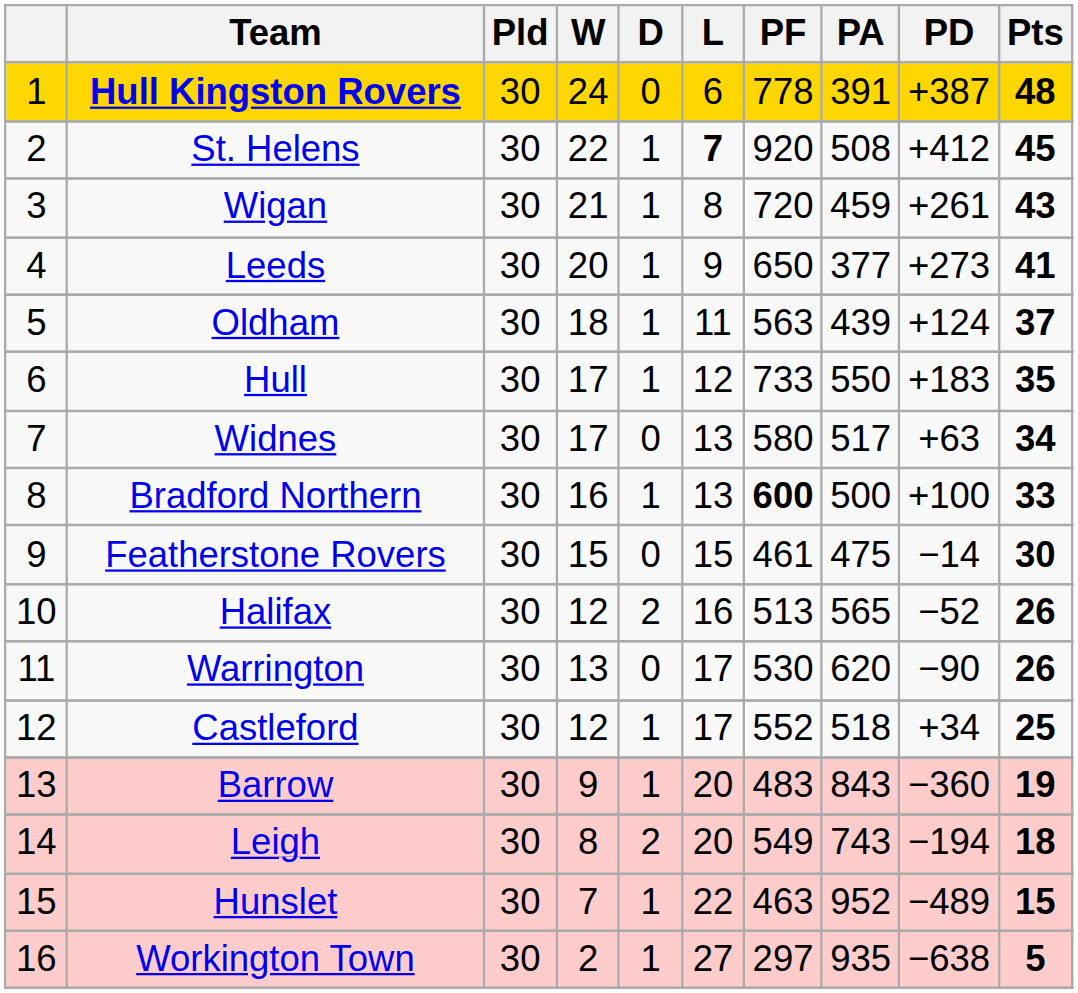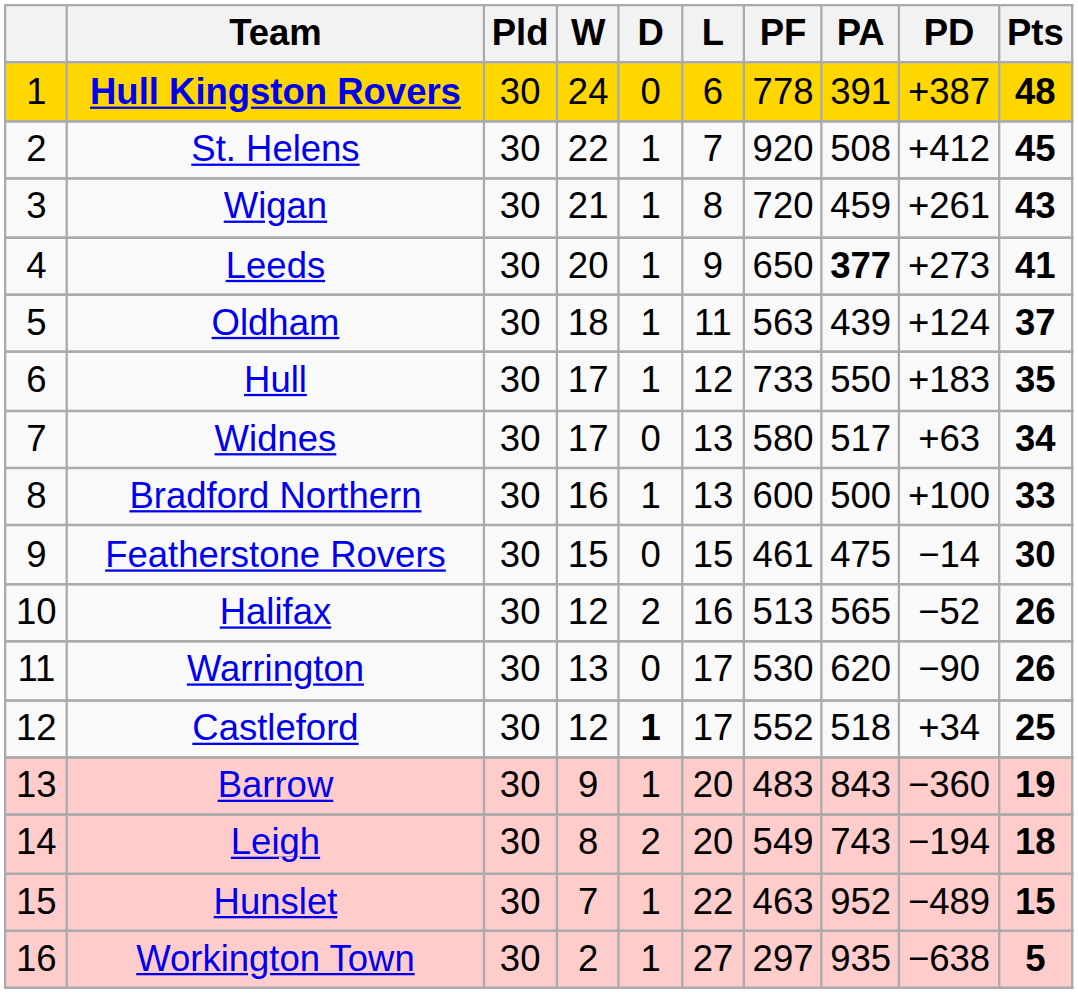 <table class="wikitable" style="text-align:center;">
 <tr>
 <th width=20 abbr="Position"></th>
 <th width=175>Team</th>
 <th width=20 abbr="Played">Pld</th>
 <th width=20 abbr="Won">W</th>
 <th width=20 abbr="Drawn">D</th>
 <th width=20 abbr="Lost">L</th>
 <th width=20 abbr="Points for">PF</th>
 <th width=20 abbr="Points against">PA</th>
 <th width=20 abbr="Points difference">PD</th>
 <th width=20 abbr="Points">Pts</th>
 </tr>
 <tr>
 </tr>
 <tr |- align=center style="background:#FFD700;">
 <td>1</td>
 <td style="text-align:center;"> <strong><a href='#'>Hull Kingston Rovers</a></strong></td>
 <td>30</td>
 <td>24</td>
 <td>0</td>
 <td>6</td>
 <td>778</td>
 <td>391</td>
 <td>+387</td>
 <td><strong>48</strong></td>
 </tr>
 <tr --->
 </tr>
 <tr align=center style="background:">
 <td>2</td>
 <td style="text-align:center;"> <a href='#'>St. Helens</a></td>
 <td>30</td>
 <td>22</td>
 <td>1</td>
-<td><strong>7</strong></td>
+<td>7</td>
 <td>920</td>
 <td>508</td>
 <td>+412</td>
 <td><strong>45</strong></td>
 </tr>
 <tr --->
 </tr>
 <tr align=center style="background:">
 <td>3</td>
 <td style="text-align:center;"> <a href='#'>Wigan</a></td>
 <td>30</td>
 <td>21</td>
 <td>1</td>
 <td>8</td>
 <td>720</td>
 <td>459</td>
 <td>+261</td>
 <td><strong>43</strong></td>
 </tr>
 <tr --->
 </tr>
 <tr align=center style="background:">
 <td>4</td>
 <td style="text-align:center;"> <a href='#'>Leeds</a></td>
 <td>30</td>
 <td>20</td>
 <td>1</td>
 <td>9</td>
 <td>650</td>
-<td>377</td>
+<td><strong>377</strong></td>
 <td>+273</td>
 <td><strong>41</strong></td>
 </tr>
 <tr --->
 </tr>
 <tr align=center style="background:">
 <td>5</td>
 <td style="text-align:center;"> <a href='#'>Oldham</a></td>
 <td>30</td>
 <td>18</td>
 <td>1</td>
 <td>11</td>
 <td>563</td>
 <td>439</td>
 <td>+124</td>
 <td><strong>37</strong></td>
 </tr>
 <tr --->
 </tr>
 <tr align=center style="background:">
 <td>6</td>
 <td style="text-align:center;"> <a href='#'>Hull</a></td>
 <td>30</td>
 <td>17</td>
 <td>1</td>
 <td>12</td>
 <td>733</td>
 <td>550</td>
 <td>+183</td>
 <td><strong>35</strong></td>
 </tr>
 <tr --->
 </tr>
 <tr align=center style="background:">
 <td>7</td>
 <td style="text-align:center;"> <a href='#'>Widnes</a></td>
 <td>30</td>
 <td>17</td>
 <td>0</td>
 <td>13</td>
 <td>580</td>
 <td>517</td>
 <td>+63</td>
 <td><strong>34</strong></td>
 </tr>
 <tr --->
 </tr>
 <tr align=center style="background:">
 <td>8</td>
 <td style="text-align:center;"> <a href='#'>Bradford Northern</a></td>
 <td>30</td>
 <td>16</td>
 <td>1</td>
 <td>13</td>
-<td><strong>600</strong></td>
+<td>600</td>
 <td>500</td>
 <td>+100</td>
 <td><strong>33</strong></td>
 </tr>
 <tr --->
 </tr>
 <tr align=center style="background:">
 <td>9</td>
 <td style="text-align:center;"> <a href='#'>Featherstone Rovers</a></td>
 <td>30</td>
 <td>15</td>
 <td>0</td>
 <td>15</td>
 <td>461</td>
 <td>475</td>
 <td>−14</td>
 <td><strong>30</strong></td>
 </tr>
 <tr --->
 </tr>
 <tr align=center style="background:">
 <td>10</td>
 <td style="text-align:center;"> <a href='#'>Halifax</a></td>
 <td>30</td>
 <td>12</td>
 <td>2</td>
 <td>16</td>
 <td>513</td>
 <td>565</td>
 <td>−52</td>
 <td><strong>26</strong></td>
 </tr>
 <tr --->
 </tr>
 <tr align=center style="background:">
 <td>11</td>
 <td style="text-align:center;"> <a href='#'>Warrington</a></td>
 <td>30</td>
 <td>13</td>
 <td>0</td>
 <td>17</td>
 <td>530</td>
 <td>620</td>
 <td>−90</td>
 <td><strong>26</strong></td>
 </tr>
 <tr --->
 </tr>
 <tr align=center style="background:">
 <td>12</td>
 <td style="text-align:center;"> <a href='#'>Castleford</a></td>
 <td>30</td>
 <td>12</td>
-<td>1</td>
+<td><strong>1</strong></td>
 <td>17</td>
 <td>552</td>
 <td>518</td>
 <td>+34</td>
 <td><strong>25</strong></td>
 </tr>
 <tr --->
 </tr>
 <tr align=center style="background:#FFCCCC">
 <td>13</td>
 <td style="text-align:center;"> <a href='#'>Barrow</a></td>
 <td>30</td>
 <td>9</td>
 <td>1</td>
 <td>20</td>
 <td>483</td>
 <td>843</td>
 <td>−360</td>
 <td><strong>19</strong></td>
 </tr>
 <tr --->
 </tr>
 <tr align=center style="background:#FFCCCC">
 <td>14</td>
 <td style="text-align:center;"> <a href='#'>Leigh</a></td>
 <td>30</td>
 <td>8</td>
 <td>2</td>
 <td>20</td>
 <td>549</td>
 <td>743</td>
 <td>−194</td>
 <td><strong>18</strong></td>
 </tr>
 <tr --->
 </tr>
 <tr align=center style="background:#FFCCCC">
 <td>15</td>
 <td style="text-align:center;"> <a href='#'>Hunslet</a></td>
 <td>30</td>
 <td>7</td>
 <td>1</td>
 <td>22</td>
 <td>463</td>
 <td>952</td>
 <td>−489</td>
 <td><strong>15</strong></td>
 </tr>
 <tr --->
 </tr>
 <tr align=center style="background:#FFCCCC">
 <td>16</td>
 <td style="text-align:center;"> <a href='#'>Workington Town</a></td>
 <td>30</td>
 <td>2</td>
 <td>1</td>
 <td>27</td>
 <td>297</td>
 <td>935</td>
 <td>−638</td>
 <td><strong>5</strong></td>
 </tr>
 <tr --->
 </tr>
 </table>
